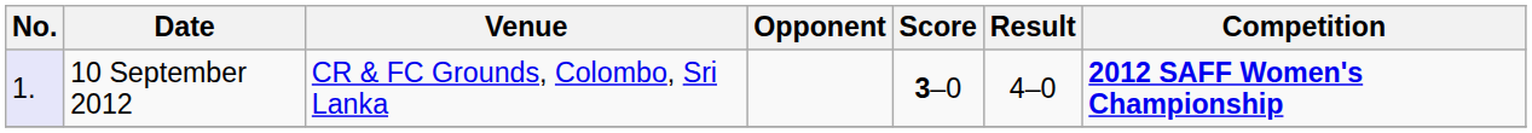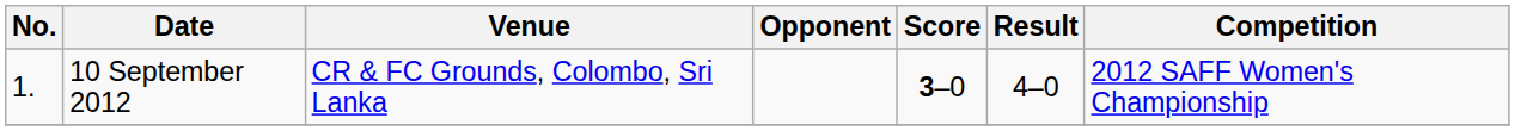 <table class="wikitable">
 <tr>
 <th>No.</th>
 <th>Date</th>
 <th>Venue</th>
 <th>Opponent</th>
 <th>Score</th>
 <th>Result</th>
 <th>Competition</th>
 </tr>
 <tr>
-<td style="background: lavender;">1.</td>
+<td>1.</td>
 <td>10 September 2012</td>
 <td><a href='#'>CR & FC Grounds</a>, <a href='#'>Colombo</a>, <a href='#'>Sri Lanka</a></td>
 <td></td>
 <td align=center><strong>3</strong>–0</td>
 <td align=center>4–0</td>
-<td><strong><a href='#'>2012 SAFF Women's Championship</a></strong></td>
+<td><a href='#'>2012 SAFF Women's Championship</a></td>
 </tr>
 <tr>
 </tr>
 </table>
